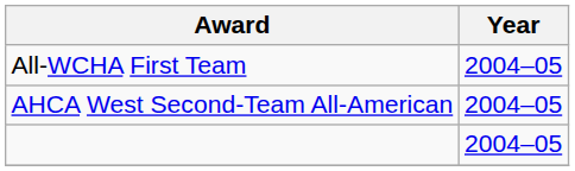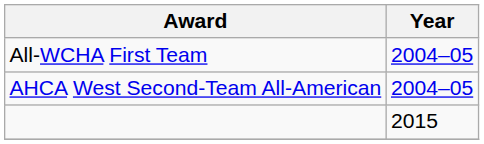 <table class="wikitable">
 <tr>
 <th>Award</th>
 <th>Year</th>
 </tr>
 <tr>
 <td>All-<a href='#'>WCHA</a> <a href='#'>First Team</a></td>
 <td><a href='#'>2004–05</a></td>
 </tr>
 <tr>
 <td><a href='#'>AHCA</a> <a href='#'>West Second-Team All-American</a></td>
 <td><a href='#'>2004–05</a></td>
 </tr>
 <tr>
 <td></td>
-<td><a href='#'>2004–05</a></td>
+<td>2015</td>
 </tr>
 <tr>
 </tr>
 </table>
